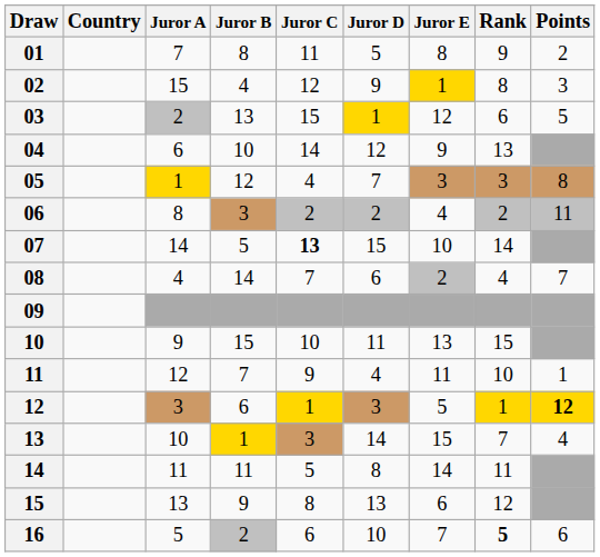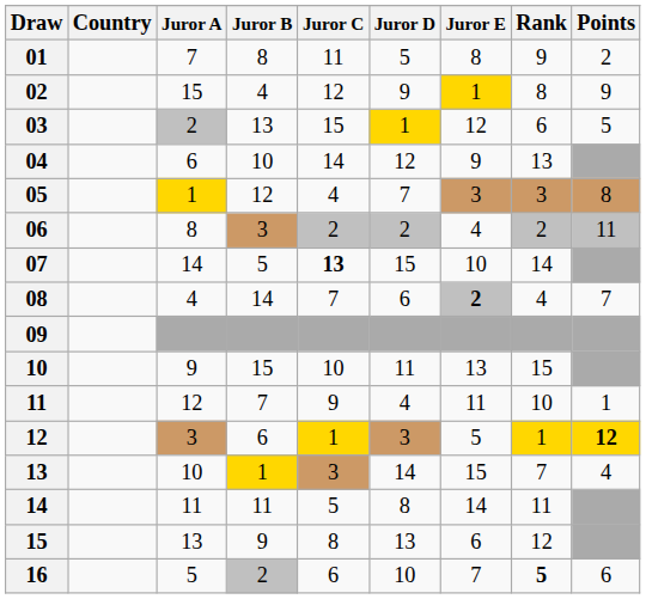 <table class="sortable wikitable collapsible plainrowheaders" style="text-align:center;">
 <tr>
 </tr>
 <tr>
 <th scope="col">Draw</th>
 <th scope="col">Country</th>
 <th scope="col"><small>Juror A</small></th>
 <th scope="col"><small>Juror B</small></th>
 <th scope="col"><small>Juror C</small></th>
 <th scope="col"><small>Juror D</small></th>
 <th scope="col"><small>Juror E</small></th>
 <th scope="col">Rank</th>
 <th scope="col">Points</th>
 </tr>
 <tr>
 <th scope="row" style="text-align:center;">01</th>
 <td style="text-align:left;"></td>
 <td>7</td>
 <td>8</td>
 <td>11</td>
 <td>5</td>
 <td>8</td>
 <td>9</td>
 <td>2</td>
 </tr>
 <tr>
 <th scope="row" style="text-align:center;">02</th>
 <td style="text-align:left;"></td>
 <td>15</td>
 <td>4</td>
 <td>12</td>
 <td>9</td>
 <td style="background:gold;">1</td>
 <td>8</td>
-<td>3</td>
+<td>9</td>
 </tr>
 <tr>
 <th scope="row" style="text-align:center;">03</th>
 <td style="text-align:left;"></td>
 <td style="background:silver;">2</td>
 <td>13</td>
 <td>15</td>
 <td style="background:gold;">1</td>
 <td>12</td>
 <td>6</td>
 <td>5</td>
 </tr>
 <tr>
 <th scope="row" style="text-align:center;">04</th>
 <td style="text-align:left;"></td>
 <td>6</td>
 <td>10</td>
 <td>14</td>
 <td>12</td>
 <td>9</td>
 <td>13</td>
 <td style="background:#AAAAAA;"></td>
 </tr>
 <tr>
 <th scope="row" style="text-align:center;">05</th>
 <td style="text-align:left;"></td>
 <td style="background:gold;">1</td>
 <td>12</td>
 <td>4</td>
 <td>7</td>
 <td style="background:#CC9966;">3</td>
 <td style="background:#CC9966;">3</td>
 <td style="background:#CC9966;">8</td>
 </tr>
 <tr>
 <th scope="row" style="text-align:center;">06</th>
 <td style="text-align:left;"></td>
 <td>8</td>
 <td style="background:#CC9966;">3</td>
 <td style="background:silver;">2</td>
 <td style="background:silver;">2</td>
 <td>4</td>
 <td style="background:silver;">2</td>
 <td style="background:silver;">11</td>
 </tr>
 <tr>
 <th scope="row" style="text-align:center;">07</th>
 <td style="text-align:left;"></td>
 <td>14</td>
 <td>5</td>
 <td><strong>13</strong></td>
 <td>15</td>
 <td>10</td>
 <td>14</td>
 <td style="background:#AAAAAA;"></td>
 </tr>
 <tr>
 <th scope="row" style="text-align:center;">08</th>
 <td style="text-align:left;"></td>
 <td>4</td>
 <td>14</td>
 <td>7</td>
 <td>6</td>
-<td style="background:silver;">2</td>
+<td style="background:silver;"><strong>2</strong></td>
 <td>4</td>
 <td>7</td>
 </tr>
 <tr class="sortbottom">
 <th scope="row" style="text-align:center;">09</th>
 <td style="text-align:left;"></td>
 <td style="background:#AAAAAA;"></td>
 <td style="background:#AAAAAA;"></td>
 <td style="background:#AAAAAA;"></td>
 <td style="background:#AAAAAA;"></td>
 <td style="background:#AAAAAA;"></td>
 <td style="background:#AAAAAA;"></td>
 <td style="background:#AAAAAA;"></td>
 </tr>
 <tr>
 <th scope="row" style="text-align:center;">10</th>
 <td style="text-align:left;"></td>
 <td>9</td>
 <td>15</td>
 <td>10</td>
 <td>11</td>
 <td>13</td>
 <td>15</td>
 <td style="background:#AAAAAA;"></td>
 </tr>
 <tr>
 <th scope="row" style="text-align:center;">11</th>
 <td style="text-align:left;"></td>
 <td>12</td>
 <td>7</td>
 <td>9</td>
 <td>4</td>
 <td>11</td>
 <td>10</td>
 <td>1</td>
 </tr>
 <tr>
 <th scope="row" style="text-align:center;">12</th>
 <td style="text-align:left;"></td>
 <td style="background:#CC9966;">3</td>
 <td>6</td>
 <td style="background:gold;">1</td>
 <td style="background:#CC9966;">3</td>
 <td>5</td>
 <td style="background:gold;">1</td>
 <td style="background:gold;"><strong>12</strong></td>
 </tr>
 <tr>
 <th scope="row" style="text-align:center;">13</th>
 <td style="text-align:left;"></td>
 <td>10</td>
 <td style="background:gold;">1</td>
 <td style="background:#CC9966;">3</td>
 <td>14</td>
 <td>15</td>
 <td>7</td>
 <td>4</td>
 </tr>
 <tr>
 <th scope="row" style="text-align:center;">14</th>
 <td style="text-align:left;"></td>
 <td>11</td>
 <td>11</td>
 <td>5</td>
 <td>8</td>
 <td>14</td>
 <td>11</td>
 <td style="background:#AAAAAA;"></td>
 </tr>
 <tr>
 <th scope="row" style="text-align:center;">15</th>
 <td style="text-align:left;"></td>
 <td>13</td>
 <td>9</td>
 <td>8</td>
 <td>13</td>
 <td>6</td>
 <td>12</td>
 <td style="background:#AAAAAA;"></td>
 </tr>
 <tr>
 <th scope="row" style="text-align:center;">16</th>
 <td style="text-align:left;"></td>
 <td>5</td>
 <td style="background:silver;">2</td>
 <td>6</td>
 <td>10</td>
 <td>7</td>
 <td><strong>5</strong></td>
 <td>6</td>
 </tr>
 </table>
